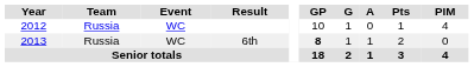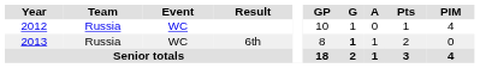 <table border="0" cellpadding="1" cellspacing="0" style="text-align:center; width:40em">
 <tr ALIGN="center" bgcolor="#e0e0e0">
 <th>Year</th>
 <th>Team</th>
 <th>Event</th>
 <th>Result</th>
 <th rowspan="99" bgcolor="#ffffff"> </th>
 <th>GP</th>
 <th>G</th>
 <th>A</th>
 <th>Pts</th>
 <th>PIM</th>
 </tr>
 <tr ALIGN="center">
 <td><a href='#'>2012</a></td>
 <td><a href='#'>Russia</a></td>
 <td><a href='#'>WC</a></td>
 <td></td>
 <td>10</td>
 <td>1</td>
 <td>0</td>
 <td>1</td>
 <td>4</td>
 </tr>
 <tr ALIGN="center" bgcolor="#f0f0f0">
 <td><a href='#'>2013</a></td>
 <td>Russia</td>
 <td>WC</td>
 <td>6th</td>
-<td><strong>8</strong></td>
-<td>1</td>
+<td>8</td>
+<td><strong>1</strong></td>
 <td>1</td>
 <td>2</td>
 <td>0</td>
 </tr>
 <tr ALIGN="center" bgcolor="#e0e0e0">
 <th colspan=4>Senior totals</th>
 <th>18</th>
 <th>2</th>
 <th>1</th>
 <th>3</th>
 <th>4</th>
 </tr>
 </table>
